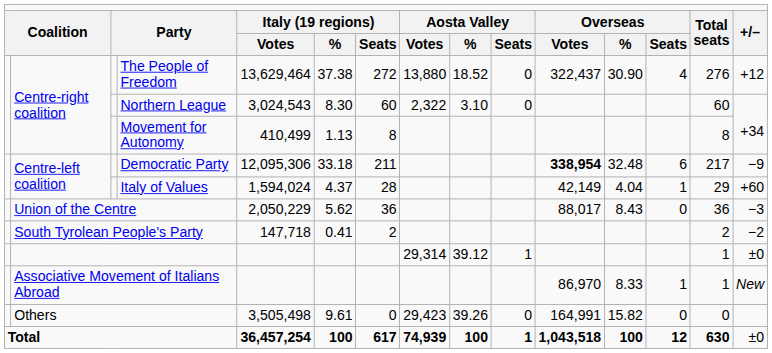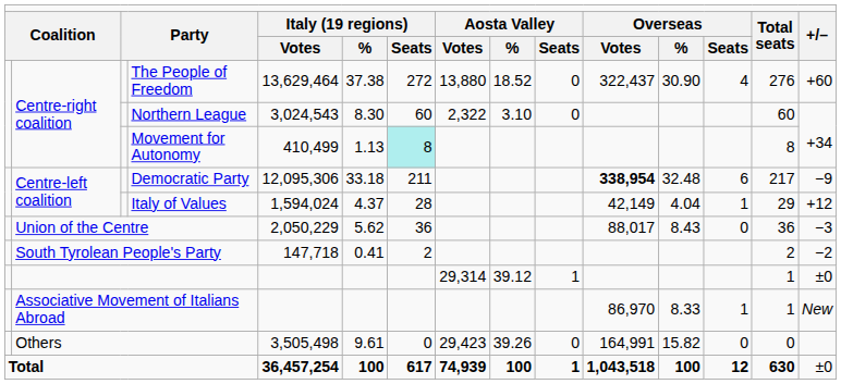 <table class="wikitable" style="text-align:right">
 <tr>
 <td colspan="15"></td>
 </tr>
 <tr>
 <th align=left colspan=2 rowspan=2>Coalition</th>
 <th colspan=2 rowspan=2>Party</th>
 <th colspan="3" align="center" valign=top>Italy (19 regions)</th>
 <th colspan="3" align="center" valign=top>Aosta Valley</th>
 <th colspan="3" align="center" valign=top>Overseas</th>
 <th align=left rowspan=2><strong>Total<br> seats</strong></th>
 <th align=left rowspan=2>+/–</th>
 </tr>
 <tr>
 <th style="background-color:" align="center" valign=bottom>Votes</th>
 <th style="background-color:" align="center" valign=bottom>%</th>
 <th style="background-color:" align="center" valign=bottom>Seats</th>
 <th style="background-color:" align="center" valign=bottom>Votes</th>
 <th style="background-color:" align="center" valign=bottom>%</th>
 <th style="background-color:" align="center" valign=bottom>Seats</th>
 <th style="background-color:" align="center" valign=bottom>Votes</th>
 <th style="background-color:" align="center" valign=bottom>%</th>
 <th style="background-color:" align="center" valign=bottom>Seats</th>
 </tr>
 <tr>
 <td rowspan="3"></td>
 <td style="text-align:left;" rowspan="3"><a href='#'>Centre-right coalition</a></td>
 <td></td>
 <td align=left><a href='#'>The People of Freedom</a></td>
 <td>13,629,464</td>
 <td>37.38</td>
 <td>272</td>
 <td>13,880</td>
 <td>18.52</td>
 <td>0</td>
 <td>322,437</td>
 <td>30.90</td>
 <td>4</td>
 <td>276</td>
-<td><span>+12</span></td>
+<td><span>+60</span></td>
 </tr>
 <tr>
 <td></td>
 <td align=left><a href='#'>Northern League</a></td>
 <td>3,024,543</td>
 <td>8.30</td>
 <td>60</td>
 <td>2,322</td>
 <td>3.10</td>
 <td>0</td>
 <td></td>
 <td></td>
 <td></td>
 <td>60</td>
 <td rowspan=2><br><span>+34</span></td>
 </tr>
 <tr>
 <td></td>
 <td align=left><a href='#'>Movement for Autonomy</a></td>
 <td>410,499</td>
 <td>1.13</td>
-<td>8</td>
+<td style="background: paleturquoise;">8</td>
 <td></td>
 <td></td>
 <td></td>
 <td></td>
 <td></td>
 <td></td>
 <td>8</td>
 </tr>
 <tr>
 <td rowspan="2"></td>
 <td style="text-align:left;" rowspan="2"><a href='#'>Centre-left coalition</a></td>
 <td></td>
 <td align=left><a href='#'>Democratic Party</a></td>
 <td>12,095,306</td>
 <td>33.18</td>
 <td>211</td>
 <td></td>
 <td></td>
 <td></td>
 <td><strong>338,954</strong></td>
 <td>32.48</td>
 <td>6</td>
 <td>217</td>
 <td><span>−9</span></td>
 </tr>
 <tr>
 <td></td>
 <td align=left><a href='#'>Italy of Values</a></td>
 <td>1,594,024</td>
 <td>4.37</td>
 <td>28</td>
 <td></td>
 <td></td>
 <td></td>
 <td>42,149</td>
 <td>4.04</td>
 <td>1</td>
 <td>29</td>
-<td><span>+60</span></td>
+<td><span>+12</span></td>
 </tr>
 <tr>
 <td></td>
 <td colspan="3" align=left><a href='#'>Union of the Centre</a></td>
 <td>2,050,229</td>
 <td>5.62</td>
 <td>36</td>
 <td></td>
 <td></td>
 <td></td>
 <td>88,017</td>
 <td>8.43</td>
 <td>0</td>
 <td>36</td>
 <td><span>−3</span></td>
 </tr>
 <tr>
 <td></td>
 <td colspan="3" align=left><a href='#'>South Tyrolean People's Party</a></td>
 <td>147,718</td>
 <td>0.41</td>
 <td>2</td>
 <td></td>
 <td></td>
 <td></td>
 <td></td>
 <td></td>
 <td></td>
 <td>2</td>
 <td><span>−2</span></td>
 </tr>
 <tr>
 <td></td>
 <td colspan="3" align=left></td>
 <td></td>
 <td></td>
 <td></td>
 <td>29,314</td>
 <td>39.12</td>
 <td>1</td>
 <td></td>
 <td></td>
 <td></td>
 <td>1</td>
 <td><span>±0</span></td>
 </tr>
 <tr>
 <td></td>
 <td colspan="3" align=left><a href='#'>Associative Movement of Italians Abroad</a></td>
 <td></td>
 <td></td>
 <td></td>
 <td></td>
 <td></td>
 <td></td>
 <td>86,970</td>
 <td>8.33</td>
 <td>1</td>
 <td>1</td>
 <td><em>New</em></td>
 </tr>
 <tr>
 <td></td>
 <td colspan="3" align=left>Others</td>
 <td>3,505,498</td>
 <td>9.61</td>
 <td>0</td>
 <td>29,423</td>
 <td>39.26</td>
 <td>0</td>
 <td>164,991</td>
 <td>15.82</td>
 <td>0</td>
 <td>0</td>
 <td></td>
 </tr>
 <tr>
 <td colspan=4 align=left><strong>Total</strong></td>
 <td><strong>36,457,254</strong></td>
 <td><strong>100</strong></td>
 <td><strong>617</strong></td>
 <td><strong>74,939</strong></td>
 <td><strong>100</strong></td>
 <td><strong>1</strong></td>
 <td><strong>1,043,518</strong></td>
 <td><strong>100</strong></td>
 <td><strong>12</strong></td>
 <td><strong>630</strong></td>
 <td><span>±0</span></td>
 </tr>
 </table>
